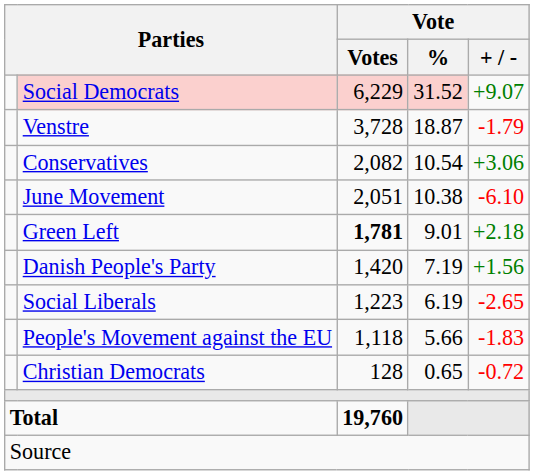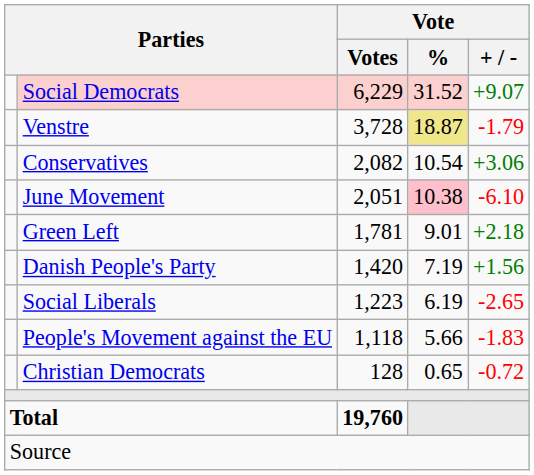 <table class="wikitable" style="text-align:right;">
 <tr>
 <th style="text-align:centre;" rowspan="2" colspan="2" width="225">Parties</th>
 <th colspan="3">Vote</th>
 </tr>
 <tr>
 <th width="15">Votes</th>
 <th width="15">%</th>
 <th width="15">+ / -</th>
 </tr>
 <tr>
 <td width="2" style="color:inherit;background:"></td>
 <td bgcolor=#fbd0ce   align="left"><a href='#'>Social Democrats</a></td>
 <td bgcolor=#fbd0ce>6,229</td>
 <td bgcolor=#fbd0ce>31.52</td>
 <td style=color:green;>+9.07</td>
 </tr>
 <tr>
 <td width="2" style="color:inherit;background:"></td>
 <td align="left"><a href='#'>Venstre</a></td>
 <td>3,728</td>
-<td>18.87</td>
+<td style="background: khaki;">18.87</td>
 <td style=color:red;>-1.79</td>
 </tr>
 <tr>
 <td width="2" style="color:inherit;background:"></td>
 <td align="left"><a href='#'>Conservatives</a></td>
 <td>2,082</td>
 <td>10.54</td>
 <td style=color:green;>+3.06</td>
 </tr>
 <tr>
 <td width="2" style="color:inherit;background:"></td>
 <td align="left"><a href='#'>June Movement</a></td>
 <td>2,051</td>
-<td>10.38</td>
+<td style="background: pink;">10.38</td>
 <td style=color:red;>-6.10</td>
 </tr>
 <tr>
 <td width="2" style="color:inherit;background:"></td>
 <td align="left"><a href='#'>Green Left</a></td>
-<td><strong>1,781</strong></td>
+<td>1,781</td>
 <td>9.01</td>
 <td style=color:green;>+2.18</td>
 </tr>
 <tr>
 <td width="2" style="color:inherit;background:"></td>
 <td align="left"><a href='#'>Danish People's Party</a></td>
 <td>1,420</td>
 <td>7.19</td>
 <td style=color:green;>+1.56</td>
 </tr>
 <tr>
 <td width="2" style="color:inherit;background:"></td>
 <td align="left"><a href='#'>Social Liberals</a></td>
 <td>1,223</td>
 <td>6.19</td>
 <td style=color:red;>-2.65</td>
 </tr>
 <tr>
 <td width="2" style="color:inherit;background:"></td>
 <td align="left"><a href='#'>People's Movement against the EU</a></td>
 <td>1,118</td>
 <td>5.66</td>
 <td style=color:red;>-1.83</td>
 </tr>
 <tr>
 <td width="2" style="color:inherit;background:"></td>
 <td align="left"><a href='#'>Christian Democrats</a></td>
 <td>128</td>
 <td>0.65</td>
 <td style=color:red;>-0.72</td>
 </tr>
 <tr>
 <td colspan="7" bgcolor="#E9E9E9"></td>
 </tr>
 <tr>
 <td align="left" colspan="2"><strong>Total</strong></td>
 <td><strong>19,760</strong></td>
 <td bgcolor="#E9E9E9" colspan="2"></td>
 </tr>
 <tr>
 <td align="left" colspan="6">Source</td>
 </tr>
 </table>
